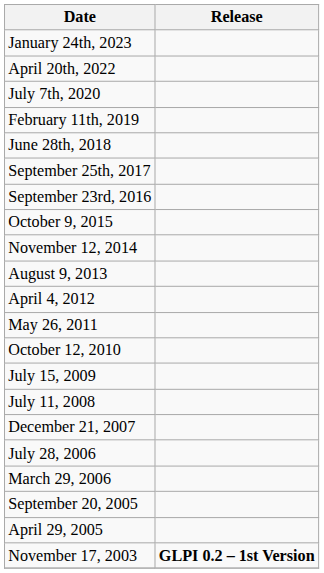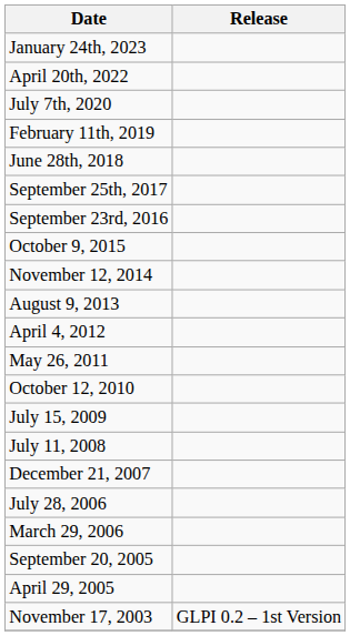 <table class="wikitable">
 <tr>
 <th>Date</th>
 <th>Release</th>
 </tr>
 <tr>
 <td>January 24th, 2023</td>
 <td></td>
 </tr>
 <tr>
 <td>April 20th, 2022</td>
 <td></td>
 </tr>
 <tr>
 <td>July 7th, 2020</td>
 <td></td>
 </tr>
 <tr>
 <td>February 11th, 2019</td>
 <td></td>
 </tr>
 <tr>
 <td>June 28th, 2018</td>
 <td></td>
 </tr>
 <tr>
 <td>September 25th, 2017</td>
 <td> </td>
 </tr>
 <tr>
 <td>September 23rd, 2016</td>
 <td> </td>
 </tr>
 <tr>
 <td>October 9, 2015</td>
 <td></td>
 </tr>
 <tr>
 <td>November 12, 2014</td>
 <td></td>
 </tr>
 <tr>
 <td>August 9, 2013</td>
 <td></td>
 </tr>
 <tr>
 <td>April 4, 2012</td>
 <td></td>
 </tr>
 <tr>
 <td>May 26, 2011</td>
 <td></td>
 </tr>
 <tr>
 <td>October 12, 2010</td>
 <td></td>
 </tr>
 <tr>
 <td>July 15, 2009</td>
 <td></td>
 </tr>
 <tr>
 <td>July 11, 2008</td>
 <td></td>
 </tr>
 <tr>
 <td>December 21, 2007</td>
 <td></td>
 </tr>
 <tr>
 <td>July 28, 2006</td>
 <td></td>
 </tr>
 <tr>
 <td>March 29, 2006</td>
 <td></td>
 </tr>
 <tr>
 <td>September 20, 2005</td>
 <td></td>
 </tr>
 <tr>
 <td>April 29, 2005</td>
 <td></td>
 </tr>
 <tr>
 <td>November 17, 2003</td>
-<td><strong>GLPI 0.2 – 1st Version</strong></td>
+<td>GLPI 0.2 – 1st Version</td>
 </tr>
 <tr>
 </tr>
 </table>
